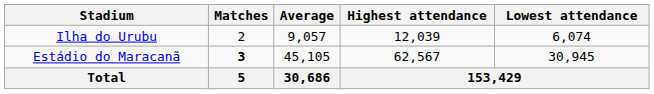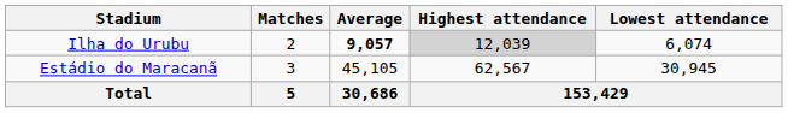 <table class="wikitable plainrowheaders sortable" style="text-align:center">
 <tr>
 <th scope="col" ! style="width:200px;">Stadium</th>
 <th scope="col" ! style="width:60px;">Matches</th>
 <th scope="col" ! style="width:60px;">Average</th>
 <th scope="col" ! style="width:150px;">Highest attendance</th>
 <th scope="col" ! style="width:150px;">Lowest attendance</th>
 </tr>
 <tr>
 <td><a href='#'>Ilha do Urubu</a></td>
 <td>2</td>
-<td>9,057</td>
-<td>12,039</td>
+<td><strong>9,057</strong></td>
+<td style="background: lightgrey;">12,039</td>
 <td>6,074</td>
 </tr>
 <tr>
 <td><a href='#'>Estádio do Maracanã</a></td>
-<td><strong>3</strong></td>
+<td>3</td>
 <td>45,105</td>
 <td>62,567</td>
 <td>30,945</td>
 </tr>
 <tr>
 <th>Total</th>
 <th>5</th>
 <th>30,686</th>
 <th colspan=3>153,429</th>
 </tr>
 </table>
